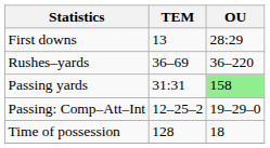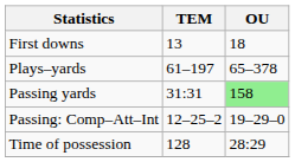 <table class="wikitable" style="float: left;">
 <tr>
 <th>Statistics</th>
 <th>TEM</th>
 <th>OU</th>
 </tr>
 <tr>
 <td>First downs</td>
 <td>13</td>
-<td>28:29</td>
+<td>18</td>
 </tr>
 <tr>
-<td>Rushes–yards</td>
-<td>36–69</td>
-<td>36–220</td>
+<td>Plays–yards</td>
+<td>61–197</td>
+<td>65–378</td>
 </tr>
 <tr>
 <td>Passing yards</td>
 <td>31:31</td>
 <td style="background: lightgreen;">158</td>
 </tr>
 <tr>
 <td>Passing: Comp–Att–Int</td>
 <td>12–25–2</td>
 <td>19–29–0</td>
 </tr>
 <tr>
 <td>Time of possession</td>
 <td>128</td>
-<td>18</td>
+<td>28:29</td>
 </tr>
 <tr>
 </tr>
 </table>
